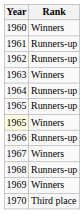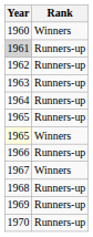 <table class="wikitable">
 <tr>
 <th>Year</th>
 <th>Rank</th>
 </tr>
 <tr>
 <td>1960</td>
 <td>Winners</td>
 </tr>
 <tr>
-<td>1961</td>
+<td style="background: lightgrey;">1961</td>
 <td>Runners-up</td>
 </tr>
 <tr>
 <td>1962</td>
 <td>Runners-up</td>
 </tr>
 <tr>
 <td>1963</td>
-<td>Winners</td>
+<td>Runners-up</td>
 </tr>
 <tr>
 <td>1964</td>
 <td>Runners-up</td>
 </tr>
 <tr>
 <td>1965</td>
 <td>Runners-up</td>
 </tr>
 <tr>
 <td style="background: lightyellow;">1965</td>
 <td>Winners</td>
 </tr>
 <tr>
 <td>1966</td>
 <td>Runners-up</td>
 </tr>
 <tr>
 <td>1967</td>
 <td>Winners</td>
 </tr>
 <tr>
 <td>1968</td>
 <td>Runners-up</td>
 </tr>
 <tr>
 <td>1969</td>
-<td>Winners</td>
+<td>Runners-up</td>
 </tr>
 <tr>
 <td>1970</td>
-<td>Third place</td>
+<td>Runners-up</td>
 </tr>
 </table>
